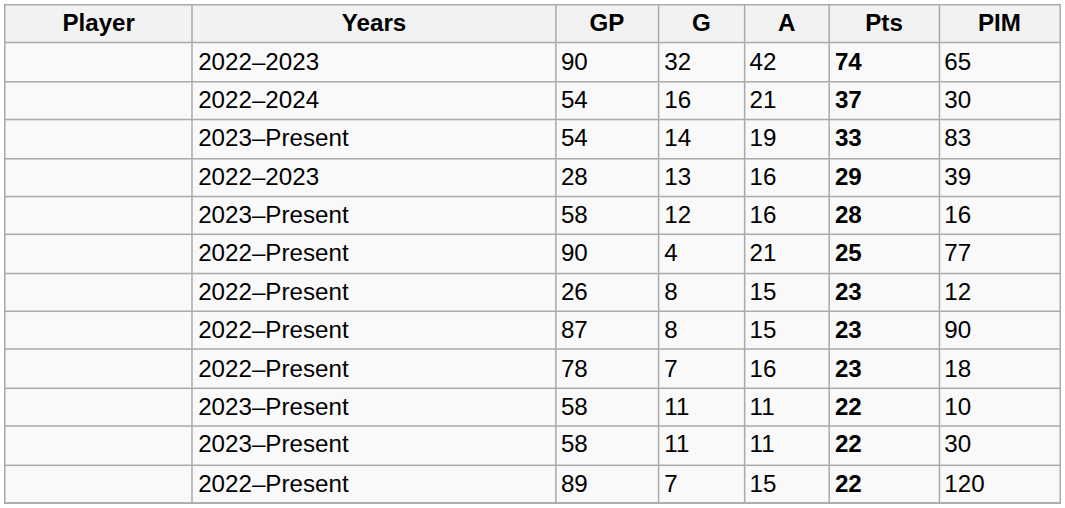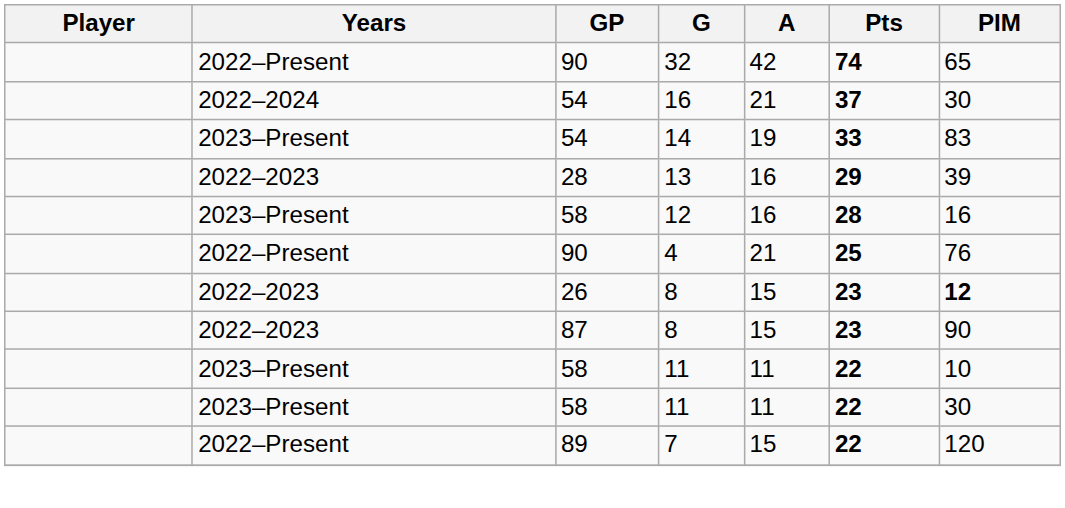 <table class="wikitable sortable" width ="700" cellpadding="1" border="1" cellspacing="0">
 <tr>
 <th>Player</th>
 <th>Years</th>
 <th>GP</th>
 <th>G</th>
 <th>A</th>
 <th>Pts</th>
 <th>PIM</th>
 </tr>
 <tr>
 <td></td>
-<td>2022–2023</td>
+<td>2022–Present</td>
 <td>90</td>
 <td>32</td>
 <td>42</td>
 <td><strong>74</strong></td>
 <td>65</td>
 </tr>
 <tr>
 <td></td>
 <td>2022–2024</td>
 <td>54</td>
 <td>16</td>
 <td>21</td>
 <td><strong>37</strong></td>
 <td>30</td>
 </tr>
 <tr>
 <td></td>
 <td>2023–Present</td>
 <td>54</td>
 <td>14</td>
 <td>19</td>
 <td><strong>33</strong></td>
 <td>83</td>
 </tr>
 <tr>
 <td></td>
 <td>2022–2023</td>
 <td>28</td>
 <td>13</td>
 <td>16</td>
 <td><strong>29</strong></td>
 <td>39</td>
 </tr>
 <tr>
 <td></td>
 <td>2023–Present</td>
 <td>58</td>
 <td>12</td>
 <td>16</td>
 <td><strong>28</strong></td>
 <td>16</td>
 </tr>
 <tr>
 <td></td>
 <td>2022–Present</td>
 <td>90</td>
 <td>4</td>
 <td>21</td>
 <td><strong>25</strong></td>
-<td>77</td>
+<td>76</td>
 </tr>
 <tr>
 <td></td>
-<td>2022–Present</td>
+<td>2022–2023</td>
 <td>26</td>
 <td>8</td>
 <td>15</td>
 <td><strong>23</strong></td>
-<td>12</td>
+<td><strong>12</strong></td>
 </tr>
 <tr>
 <td></td>
-<td>2022–Present</td>
+<td>2022–2023</td>
 <td>87</td>
 <td>8</td>
 <td>15</td>
 <td><strong>23</strong></td>
 <td>90</td>
-</tr>
-<tr>
-<td></td>
-<td>2022–Present</td>
-<td>78</td>
-<td>7</td>
-<td>16</td>
-<td><strong>23</strong></td>
-<td>18</td>
 </tr>
 <tr>
 <td></td>
 <td>2023–Present</td>
 <td>58</td>
 <td>11</td>
 <td>11</td>
 <td><strong>22</strong></td>
 <td>10</td>
 </tr>
 <tr>
 <td></td>
 <td>2023–Present</td>
 <td>58</td>
 <td>11</td>
 <td>11</td>
 <td><strong>22</strong></td>
 <td>30</td>
 </tr>
 <tr>
 <td></td>
 <td>2022–Present</td>
 <td>89</td>
 <td>7</td>
 <td>15</td>
 <td><strong>22</strong></td>
 <td>120</td>
 </tr>
 <tr>
 </tr>
 </table>
